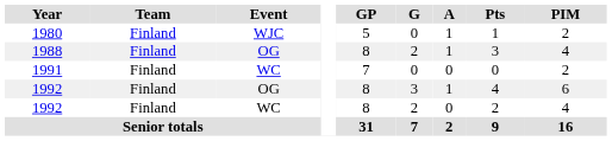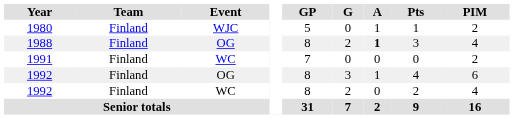 <table border="0" cellpadding="1" cellspacing="0" style="text-align:center; width:40em">
 <tr ALIGN="center" bgcolor="#e0e0e0">
 <th>Year</th>
 <th>Team</th>
 <th>Event</th>
 <th rowspan="99" bgcolor="#ffffff"> </th>
 <th>GP</th>
 <th>G</th>
 <th>A</th>
 <th>Pts</th>
 <th>PIM</th>
 </tr>
 <tr>
 <td><a href='#'>1980</a></td>
 <td><a href='#'>Finland</a></td>
 <td><a href='#'>WJC</a></td>
 <td>5</td>
 <td>0</td>
 <td>1</td>
 <td>1</td>
 <td>2</td>
 </tr>
 <tr bgcolor="#f0f0f0">
 <td><a href='#'>1988</a></td>
 <td><a href='#'>Finland</a></td>
 <td><a href='#'>OG</a></td>
 <td>8</td>
 <td>2</td>
-<td>1</td>
+<td><strong>1</strong></td>
 <td>3</td>
 <td>4</td>
 </tr>
 <tr>
 <td><a href='#'>1991</a></td>
 <td>Finland</td>
 <td><a href='#'>WC</a></td>
 <td>7</td>
 <td>0</td>
 <td>0</td>
 <td>0</td>
 <td>2</td>
 </tr>
 <tr bgcolor="#f0f0f0">
 <td><a href='#'>1992</a></td>
 <td>Finland</td>
 <td>OG</td>
 <td>8</td>
 <td>3</td>
 <td>1</td>
 <td>4</td>
 <td>6</td>
 </tr>
 <tr>
 <td><a href='#'>1992</a></td>
 <td>Finland</td>
 <td>WC</td>
 <td>8</td>
 <td>2</td>
 <td>0</td>
 <td>2</td>
 <td>4</td>
 </tr>
 <tr bgcolor="#e0e0e0">
 <th colspan=3>Senior totals</th>
 <th>31</th>
 <th>7</th>
 <th>2</th>
 <th>9</th>
 <th>16</th>
 </tr>
 </table>
